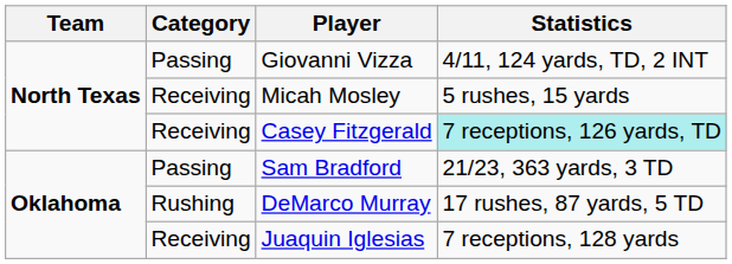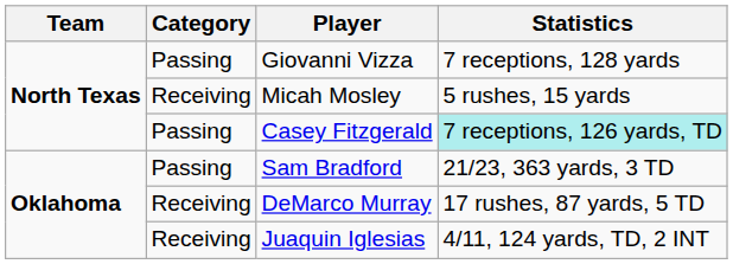 <table class="wikitable" style="float: left;">
 <tr>
 <th>Team</th>
 <th>Category</th>
 <th>Player</th>
 <th>Statistics</th>
 </tr>
 <tr>
 <td rowspan=3><strong>North Texas</strong></td>
 <td>Passing</td>
 <td>Giovanni Vizza</td>
-<td>4/11, 124 yards, TD, 2 INT</td>
+<td>7 receptions, 128 yards</td>
 </tr>
 <tr>
 <td>Receiving</td>
 <td>Micah Mosley</td>
 <td>5 rushes, 15 yards</td>
 </tr>
 <tr>
-<td>Receiving</td>
+<td>Passing</td>
 <td><a href='#'>Casey Fitzgerald</a></td>
 <td style="background: paleturquoise;">7 receptions, 126 yards, TD</td>
 </tr>
 <tr>
 <td rowspan=3><strong>Oklahoma</strong></td>
 <td>Passing</td>
 <td><a href='#'>Sam Bradford</a></td>
 <td>21/23, 363 yards, 3 TD</td>
 </tr>
 <tr>
-<td>Rushing</td>
+<td>Receiving</td>
 <td><a href='#'>DeMarco Murray</a></td>
 <td>17 rushes, 87 yards, 5 TD</td>
 </tr>
 <tr>
 <td>Receiving</td>
 <td><a href='#'>Juaquin Iglesias</a></td>
-<td>7 receptions, 128 yards</td>
+<td>4/11, 124 yards, TD, 2 INT</td>
 </tr>
 </table>
